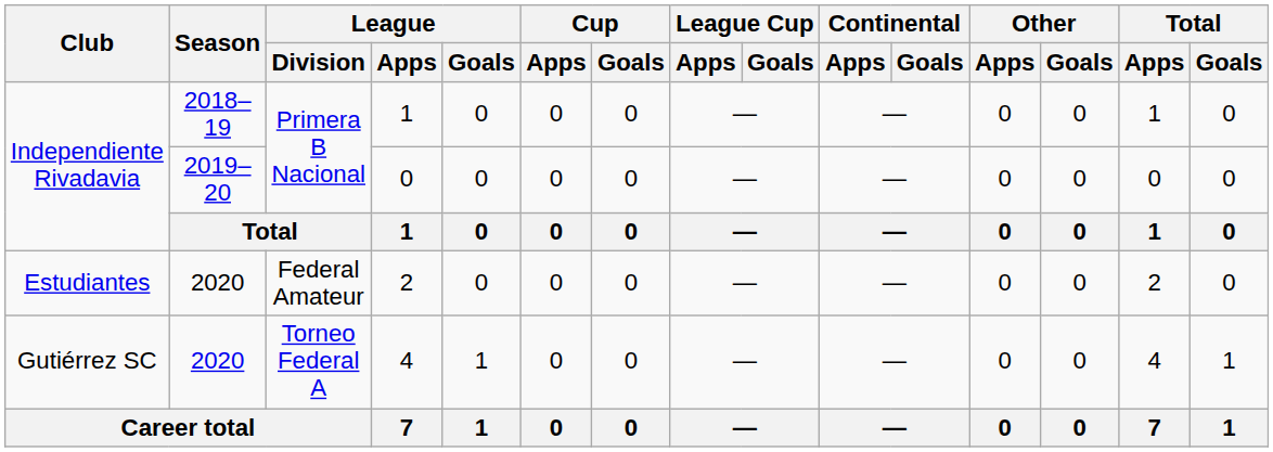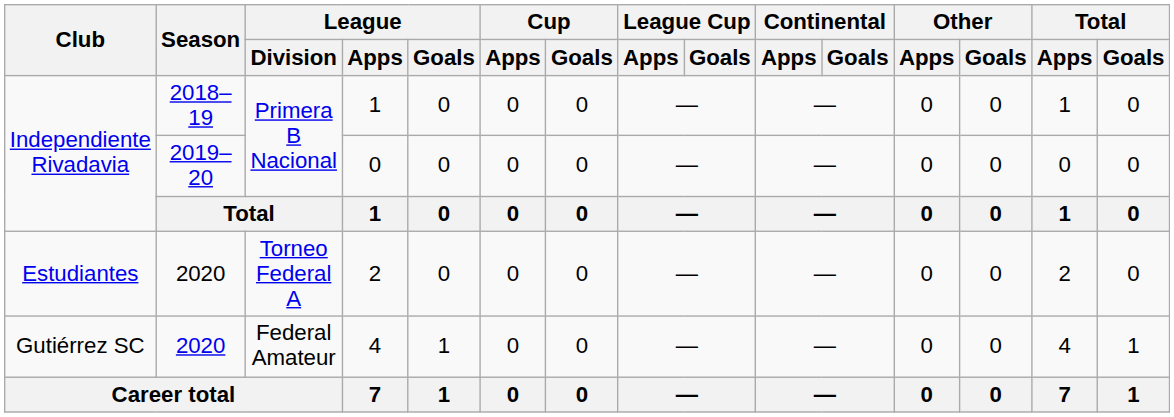 <table class="wikitable" style="text-align:center">
 <tr>
 <th rowspan="2">Club</th>
 <th rowspan="2">Season</th>
 <th colspan="3">League</th>
 <th colspan="2">Cup</th>
 <th colspan="2">League Cup</th>
 <th colspan="2">Continental</th>
 <th colspan="2">Other</th>
 <th colspan="2">Total</th>
 </tr>
 <tr>
 <th>Division</th>
 <th>Apps</th>
 <th>Goals</th>
 <th>Apps</th>
 <th>Goals</th>
 <th>Apps</th>
 <th>Goals</th>
 <th>Apps</th>
 <th>Goals</th>
 <th>Apps</th>
 <th>Goals</th>
 <th>Apps</th>
 <th>Goals</th>
 </tr>
 <tr>
 <td rowspan="3"><a href='#'>Independiente Rivadavia</a></td>
 <td><a href='#'>2018–19</a></td>
 <td rowspan="2"><a href='#'>Primera B Nacional</a></td>
 <td>1</td>
 <td>0</td>
 <td>0</td>
 <td>0</td>
 <td colspan="2">—</td>
 <td colspan="2">—</td>
 <td>0</td>
 <td>0</td>
 <td>1</td>
 <td>0</td>
 </tr>
 <tr>
 <td><a href='#'>2019–20</a></td>
 <td>0</td>
 <td>0</td>
 <td>0</td>
 <td>0</td>
 <td colspan="2">—</td>
 <td colspan="2">—</td>
 <td>0</td>
 <td>0</td>
 <td>0</td>
 <td>0</td>
 </tr>
 <tr>
 <th colspan="2">Total</th>
 <th>1</th>
 <th>0</th>
 <th>0</th>
 <th>0</th>
 <th colspan="2">—</th>
 <th colspan="2">—</th>
 <th>0</th>
 <th>0</th>
 <th>1</th>
 <th>0</th>
 </tr>
 <tr>
 <td rowspan="1"><a href='#'>Estudiantes</a></td>
 <td>2020</td>
-<td rowspan="1">Federal Amateur</td>
+<td rowspan="1"><a href='#'>Torneo Federal A</a></td>
 <td>2</td>
 <td>0</td>
 <td>0</td>
 <td>0</td>
 <td colspan="2">—</td>
 <td colspan="2">—</td>
 <td>0</td>
 <td>0</td>
 <td>2</td>
 <td>0</td>
 </tr>
 <tr>
 <td rowspan="1">Gutiérrez SC</td>
 <td><a href='#'>2020</a></td>
-<td rowspan="1"><a href='#'>Torneo Federal A</a></td>
+<td rowspan="1">Federal Amateur</td>
 <td>4</td>
 <td>1</td>
 <td>0</td>
 <td>0</td>
 <td colspan="2">—</td>
 <td colspan="2">—</td>
 <td>0</td>
 <td>0</td>
 <td>4</td>
 <td>1</td>
 </tr>
 <tr>
 <th colspan="3">Career total</th>
 <th>7</th>
 <th>1</th>
 <th>0</th>
 <th>0</th>
 <th colspan="2">—</th>
 <th colspan="2">—</th>
 <th>0</th>
 <th>0</th>
 <th>7</th>
 <th>1</th>
 </tr>
 </table>
